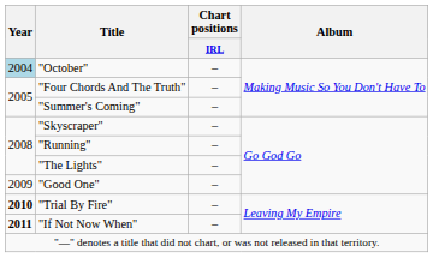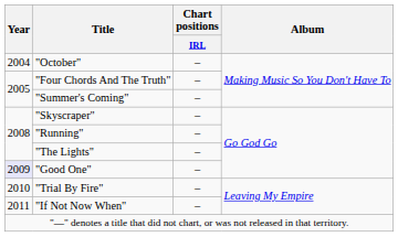 <table class="wikitable">
 <tr>
 <th rowspan="2">Year</th>
 <th rowspan="2">Title</th>
 <th colspan="1">Chart positions</th>
 <th rowspan="2">Album</th>
 </tr>
 <tr>
 <th style="width:40px;"><small><a href='#'>IRL</a></small></th>
 </tr>
 <tr>
-<td style="background: lightblue;">2004</td>
+<td>2004</td>
 <td>"October"</td>
 <td style="text-align:center;">–</td>
 <td rowspan="3"><em><a href='#'>Making Music So You Don't Have To</a></em></td>
 </tr>
 <tr>
 <td rowspan="2">2005</td>
 <td>"Four Chords And The Truth"</td>
 <td style="text-align:center;">–</td>
 </tr>
 <tr>
 <td>"Summer's Coming"</td>
 <td style="text-align:center;">–</td>
 </tr>
 <tr>
 <td rowspan="3">2008</td>
 <td>"Skyscraper"</td>
 <td style="text-align:center;">–</td>
 <td rowspan="4"><em><a href='#'>Go God Go</a></em></td>
 </tr>
 <tr>
 <td>"Running"</td>
 <td style="text-align:center;">–</td>
 </tr>
 <tr>
 <td>"The Lights"</td>
 <td style="text-align:center;">–</td>
 </tr>
 <tr>
-<td>2009</td>
+<td style="background: lavender;">2009</td>
 <td>"Good One"</td>
 <td style="text-align:center;">–</td>
 </tr>
 <tr>
-<td><strong>2010</strong></td>
+<td>2010</td>
 <td>"Trial By Fire"</td>
 <td style="text-align:center;">–</td>
 <td rowspan="2"><em><a href='#'>Leaving My Empire</a></em></td>
 </tr>
 <tr>
-<td rowspan="1"><strong>2011</strong></td>
+<td rowspan="1">2011</td>
 <td>"If Not Now When"</td>
 <td style="text-align:center;">–</td>
 </tr>
 <tr>
 <td colspan="7" align="center" style="font-size:90%">"—" denotes a title that did not chart, or was not released in that territory.</td>
 </tr>
 </table>
